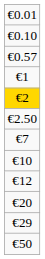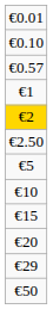 <table class="wikitable" style="text-align:center">
 <tr>
 <td>€0.01</td>
 </tr>
 <tr>
 <td>€0.10</td>
 </tr>
 <tr>
 <td>€0.57</td>
 </tr>
 <tr>
 <td>€1</td>
 </tr>
 <tr>
 <td style="background: gold;">€2</td>
 </tr>
 <tr>
 <td>€2.50</td>
 </tr>
 <tr>
-<td>€7</td>
+<td>€5</td>
 </tr>
 <tr>
 <td>€10</td>
 </tr>
 <tr>
-<td>€12</td>
+<td>€15</td>
 </tr>
 <tr>
 <td>€20</td>
 </tr>
 <tr>
 <td>€29</td>
 </tr>
 <tr>
 <td>€50</td>
 </tr>
 </table>
